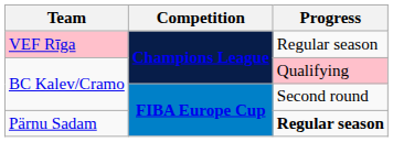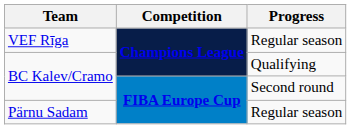 <table class="wikitable sortable">
 <tr>
 <th>Team</th>
 <th>Competition</th>
 <th>Progress</th>
 </tr>
 <tr>
-<td style="background: pink;"> <a href='#'>VEF Rīga</a></td>
+<td> <a href='#'>VEF Rīga</a></td>
 <td rowspan="2" style="background-color:#071D49;color:#D0D3D4;text-align:center"><strong><a href='#'><span>Champions League</span></a></strong></td>
 <td>Regular season</td>
 </tr>
 <tr>
 <td rowspan="2"> <a href='#'>BC Kalev/Cramo</a></td>
-<td style="background: pink;">Qualifying</td>
+<td>Qualifying</td>
 </tr>
 <tr>
 <td rowspan="2" style="background-color:#0080C8;color:#FFD700;text-align:center"><strong><a href='#'><span>FIBA Europe Cup</span></a></strong></td>
 <td>Second round</td>
 </tr>
 <tr>
 <td> <a href='#'>Pärnu Sadam</a></td>
-<td><strong>Regular season</strong></td>
+<td>Regular season</td>
 </tr>
 </table>
